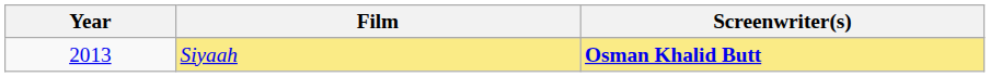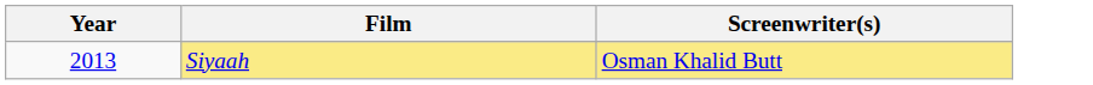 <table class="wikitable">
 <tr>
 <th width="8%">Year</th>
 <th width="19%">Film</th>
 <th width="19%">Screenwriter(s)</th>
 </tr>
 <tr>
 <td rowspan=2 style="text-align:center"><a href='#'>2013</a><br></td>
 </tr>
 <tr style="background:#FAEB86">
 <td><em><a href='#'>Siyaah</a></em></td>
-<td><strong><a href='#'>Osman Khalid Butt</a></strong></td>
+<td><a href='#'>Osman Khalid Butt</a></td>
 </tr>
 </table>
